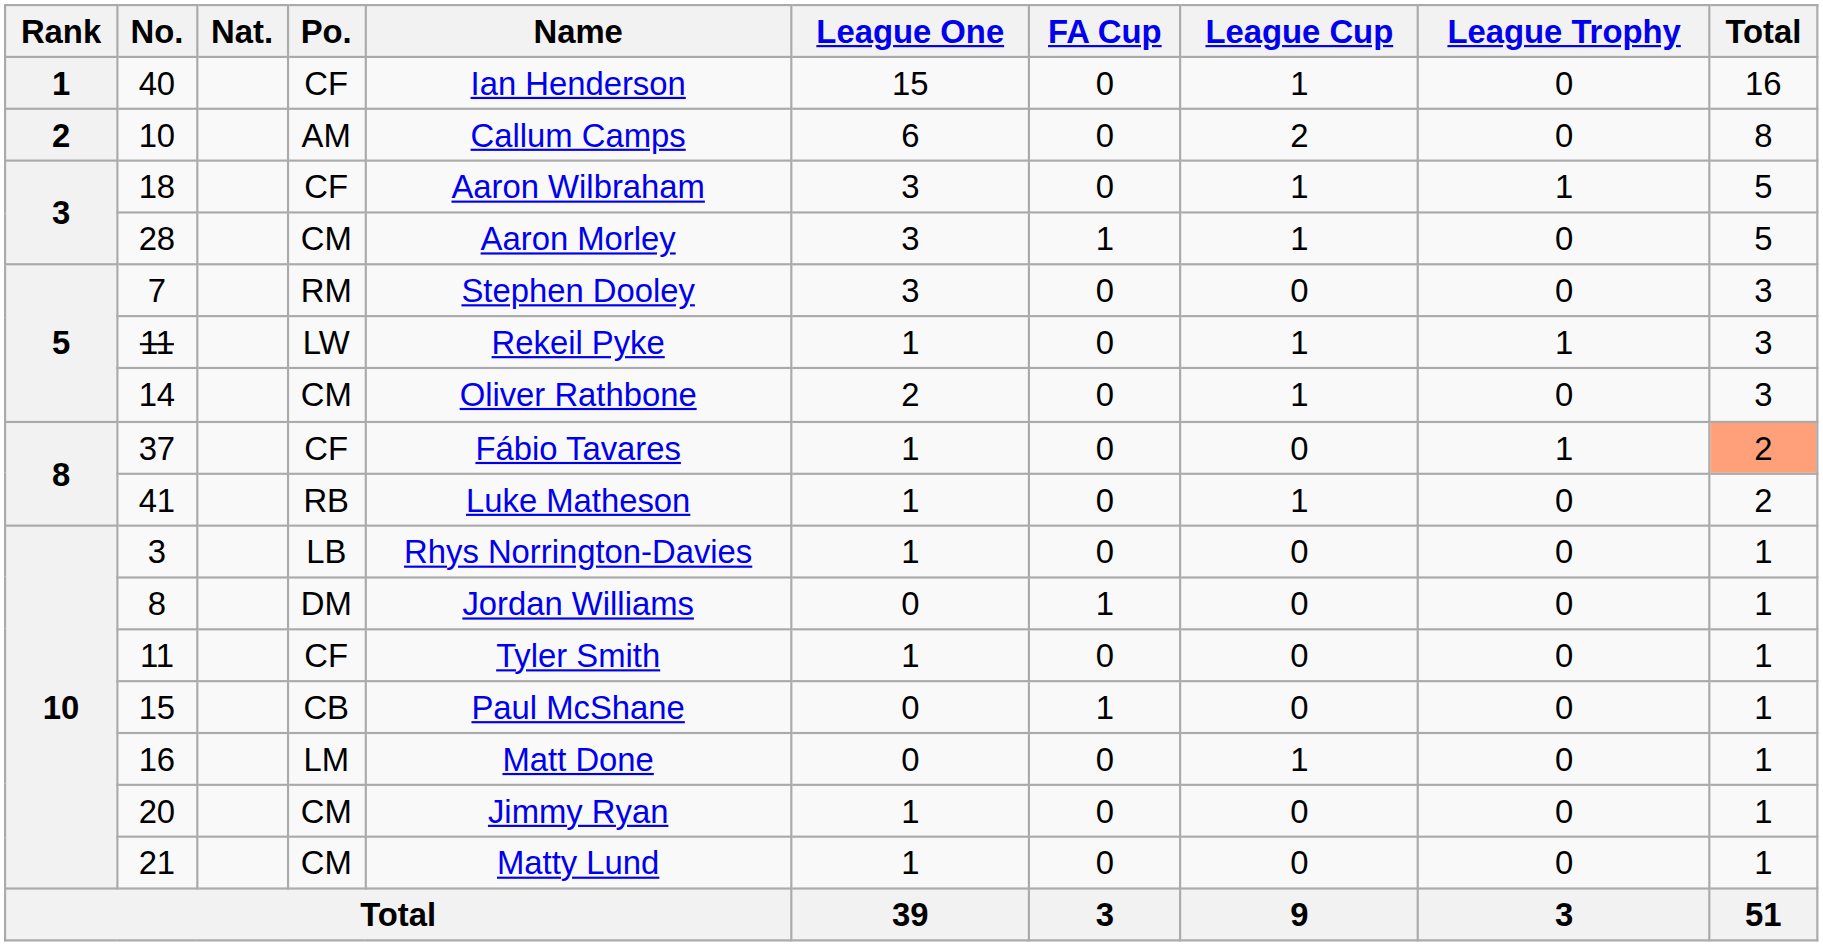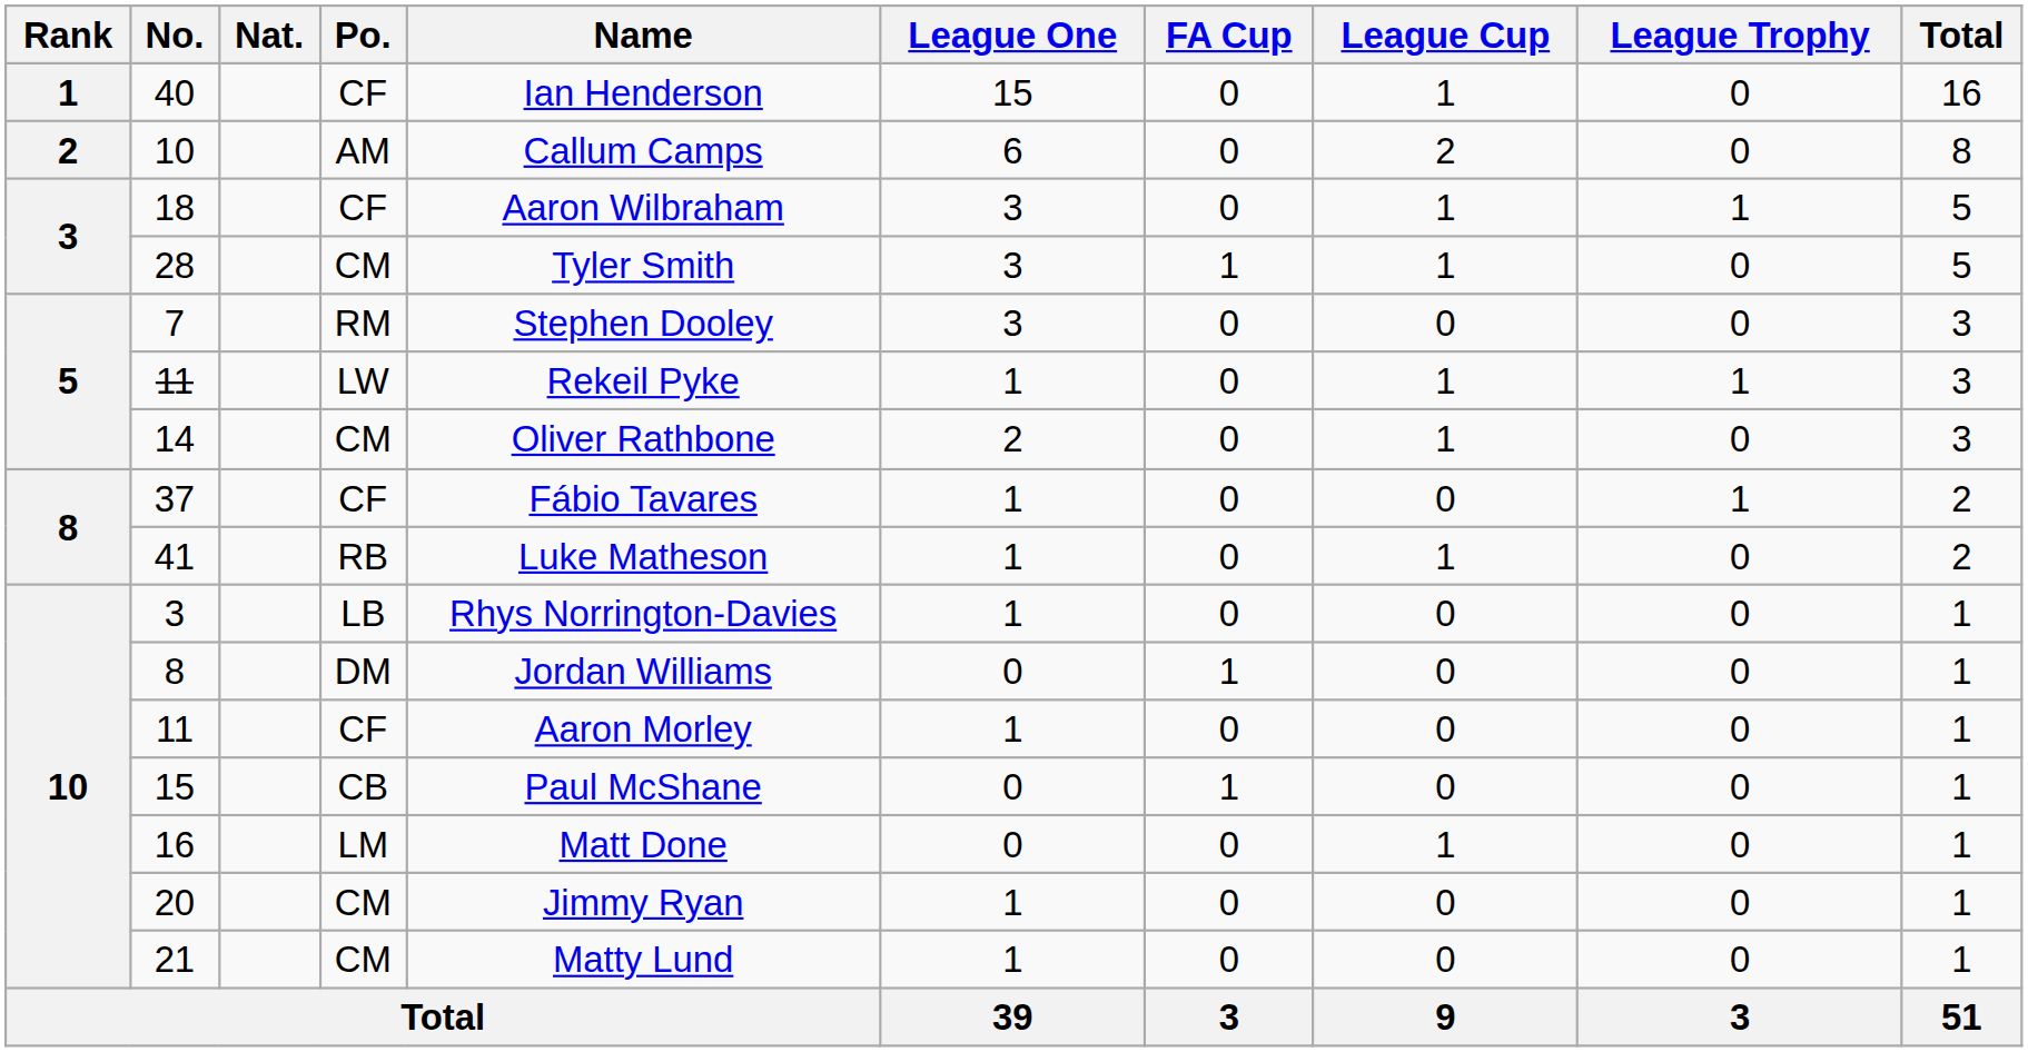 <table class="wikitable" style="text-align:center; font-size:95%; width:95%;">
 <tr>
 <th>Rank</th>
 <th>No.</th>
 <th>Nat.</th>
 <th>Po.</th>
 <th>Name</th>
 <th><a href='#'>League One</a></th>
 <th><a href='#'>FA Cup</a></th>
 <th><a href='#'>League Cup</a></th>
 <th><a href='#'>League Trophy</a></th>
 <th>Total</th>
 </tr>
 <tr>
 <th rowspan=1>1</th>
 <td>40</td>
 <td></td>
 <td>CF</td>
 <td><a href='#'>Ian Henderson</a></td>
 <td>15</td>
 <td>0</td>
 <td>1</td>
 <td>0</td>
 <td>16</td>
 </tr>
 <tr>
 <th rowspan=1>2</th>
 <td>10</td>
 <td></td>
 <td>AM</td>
 <td><a href='#'>Callum Camps</a></td>
 <td>6</td>
 <td>0</td>
 <td>2</td>
 <td>0</td>
 <td>8</td>
 </tr>
 <tr>
 <th rowspan=2>3</th>
 <td>18</td>
 <td></td>
 <td>CF</td>
 <td><a href='#'>Aaron Wilbraham</a></td>
 <td>3</td>
 <td>0</td>
 <td>1</td>
 <td>1</td>
 <td>5</td>
 </tr>
 <tr>
 <td>28</td>
 <td></td>
 <td>CM</td>
-<td><a href='#'>Aaron Morley</a></td>
+<td><a href='#'>Tyler Smith</a></td>
 <td>3</td>
 <td>1</td>
 <td>1</td>
 <td>0</td>
 <td>5</td>
 </tr>
 <tr>
 <th rowspan=3>5</th>
 <td>7</td>
 <td></td>
 <td>RM</td>
 <td><a href='#'>Stephen Dooley</a></td>
 <td>3</td>
 <td>0</td>
 <td>0</td>
 <td>0</td>
 <td>3</td>
 </tr>
 <tr>
 <td><s>11</s></td>
 <td></td>
 <td>LW</td>
 <td><a href='#'>Rekeil Pyke</a></td>
 <td>1</td>
 <td>0</td>
 <td>1</td>
 <td>1</td>
 <td>3</td>
 </tr>
 <tr>
 <td>14</td>
 <td></td>
 <td>CM</td>
 <td><a href='#'>Oliver Rathbone</a></td>
 <td>2</td>
 <td>0</td>
 <td>1</td>
 <td>0</td>
 <td>3</td>
 </tr>
 <tr>
 <th rowspan=2>8</th>
 <td>37</td>
 <td></td>
 <td>CF</td>
 <td><a href='#'>Fábio Tavares</a></td>
 <td>1</td>
 <td>0</td>
 <td>0</td>
 <td>1</td>
-<td style="background: lightsalmon;">2</td>
+<td>2</td>
 </tr>
 <tr>
 <td>41</td>
 <td></td>
 <td>RB</td>
 <td><a href='#'>Luke Matheson</a></td>
 <td>1</td>
 <td>0</td>
 <td>1</td>
 <td>0</td>
 <td>2</td>
 </tr>
 <tr>
 <th rowspan=7>10</th>
 <td>3</td>
 <td></td>
 <td>LB</td>
 <td><a href='#'>Rhys Norrington-Davies</a></td>
 <td>1</td>
 <td>0</td>
 <td>0</td>
 <td>0</td>
 <td>1</td>
 </tr>
 <tr>
 <td>8</td>
 <td></td>
 <td>DM</td>
 <td><a href='#'>Jordan Williams</a></td>
 <td>0</td>
 <td>1</td>
 <td>0</td>
 <td>0</td>
 <td>1</td>
 </tr>
 <tr>
 <td>11</td>
 <td></td>
 <td>CF</td>
-<td><a href='#'>Tyler Smith</a></td>
+<td><a href='#'>Aaron Morley</a></td>
 <td>1</td>
 <td>0</td>
 <td>0</td>
 <td>0</td>
 <td>1</td>
 </tr>
 <tr>
 <td>15</td>
 <td></td>
 <td>CB</td>
 <td><a href='#'>Paul McShane</a></td>
 <td>0</td>
 <td>1</td>
 <td>0</td>
 <td>0</td>
 <td>1</td>
 </tr>
 <tr>
 <td>16</td>
 <td></td>
 <td>LM</td>
 <td><a href='#'>Matt Done</a></td>
 <td>0</td>
 <td>0</td>
 <td>1</td>
 <td>0</td>
 <td>1</td>
 </tr>
 <tr>
 <td>20</td>
 <td></td>
 <td>CM</td>
 <td><a href='#'>Jimmy Ryan</a></td>
 <td>1</td>
 <td>0</td>
 <td>0</td>
 <td>0</td>
 <td>1</td>
 </tr>
 <tr>
 <td>21</td>
 <td></td>
 <td>CM</td>
 <td><a href='#'>Matty Lund</a></td>
 <td>1</td>
 <td>0</td>
 <td>0</td>
 <td>0</td>
 <td>1</td>
 </tr>
 <tr>
 <th colspan=5>Total</th>
 <th>39</th>
 <th>3</th>
 <th>9</th>
 <th>3</th>
 <th>51</th>
 </tr>
 </table>
